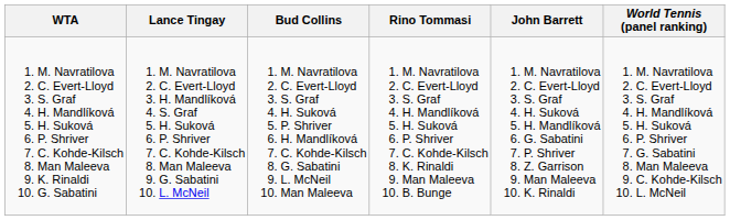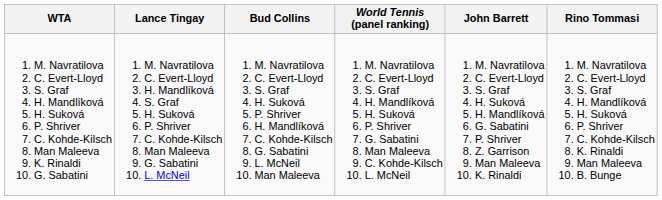 <table class="wikitable">
 <tr>
 <th>WTA</th>
 <th>Lance Tingay</th>
 <th>Bud Collins</th>
+<th><em>World Tennis<br></em>(panel ranking)</th>
+<th>John Barrett</th>
 <th>Rino Tommasi</th>
-<th>John Barrett</th>
-<th><em>World Tennis<br></em>(panel ranking)</th>
 </tr>
 <tr style="vertical-align: top;">
 <td style="white-space: nowrap;"><br><ol><li> M. Navratilova</li><li> C. Evert-Lloyd</li><li> S. Graf</li><li> H. Mandlíková</li><li> H. Suková</li><li> P. Shriver</li><li> C. Kohde-Kilsch</li><li> Man Maleeva</li><li> K. Rinaldi</li><li> G. Sabatini</li></ol></td>
 <td style="white-space: nowrap;"><br><ol><li> M. Navratilova</li><li> C. Evert-Lloyd</li><li> H. Mandlíková</li><li> S. Graf</li><li> H. Suková</li><li> P. Shriver</li><li> C. Kohde-Kilsch</li><li> Man Maleeva</li><li> G. Sabatini</li><li> <a href='#'>L. McNeil</a></li></ol></td>
 <td style="white-space: nowrap;"><br><ol><li> M. Navratilova</li><li> C. Evert-Lloyd</li><li> S. Graf</li><li> H. Suková</li><li> P. Shriver</li><li> H. Mandlíková</li><li> C. Kohde-Kilsch</li><li> G. Sabatini</li><li> L. McNeil</li><li> Man Maleeva</li></ol></td>
+<td style="white-space: nowrap;"><br><ol><li> M. Navratilova</li><li> C. Evert-Lloyd</li><li> S. Graf</li><li> H. Mandlíková</li><li> H. Suková</li><li> P. Shriver</li><li> G. Sabatini</li><li> Man Maleeva</li><li> C. Kohde-Kilsch</li><li> L. McNeil</li></ol></td>
+<td style="white-space: nowrap;"><br><ol><li> M. Navratilova</li><li> C. Evert-Lloyd</li><li> S. Graf</li><li> H. Suková</li><li> H. Mandlíková</li><li> G. Sabatini</li><li> P. Shriver</li><li> Z. Garrison</li><li> Man Maleeva</li><li> K. Rinaldi</li></ol></td>
 <td style="white-space: nowrap;"><br><ol><li> M. Navratilova</li><li> C. Evert-Lloyd</li><li> S. Graf</li><li> H. Mandlíková</li><li> H. Suková</li><li> P. Shriver</li><li> C. Kohde-Kilsch</li><li> K. Rinaldi</li><li> Man Maleeva</li><li> B. Bunge</li></ol></td>
-<td style="white-space: nowrap;"><br><ol><li> M. Navratilova</li><li> C. Evert-Lloyd</li><li> S. Graf</li><li> H. Suková</li><li> H. Mandlíková</li><li> G. Sabatini</li><li> P. Shriver</li><li> Z. Garrison</li><li> Man Maleeva</li><li> K. Rinaldi</li></ol></td>
-<td style="white-space: nowrap;"><br><ol><li> M. Navratilova</li><li> C. Evert-Lloyd</li><li> S. Graf</li><li> H. Mandlíková</li><li> H. Suková</li><li> P. Shriver</li><li> G. Sabatini</li><li> Man Maleeva</li><li> C. Kohde-Kilsch</li><li> L. McNeil</li></ol></td>
 </tr>
 </table>
